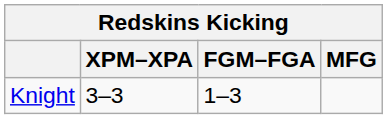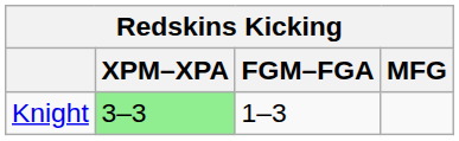 <table class="wikitable">
 <tr>
 <th colspan="4">Redskins Kicking</th>
 </tr>
 <tr>
 <th></th>
 <th>XPM–XPA</th>
 <th>FGM–FGA</th>
 <th>MFG</th>
 </tr>
 <tr>
 <td><a href='#'>Knight</a></td>
-<td>3–3</td>
+<td style="background: lightgreen;">3–3</td>
 <td>1–3</td>
 <td></td>
 </tr>
 </table>
